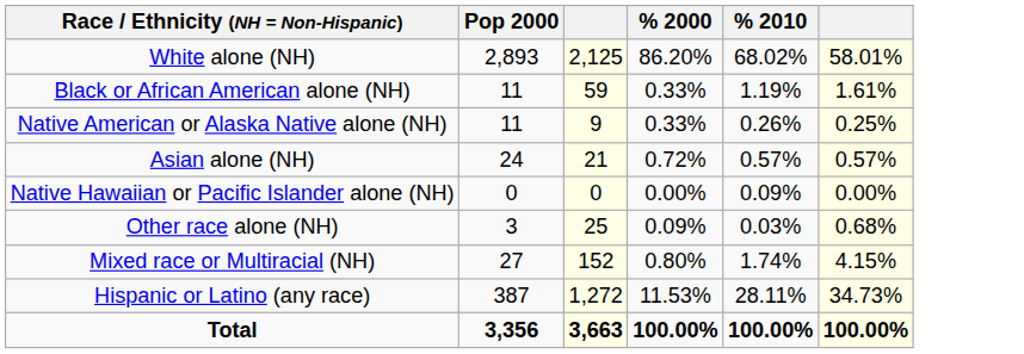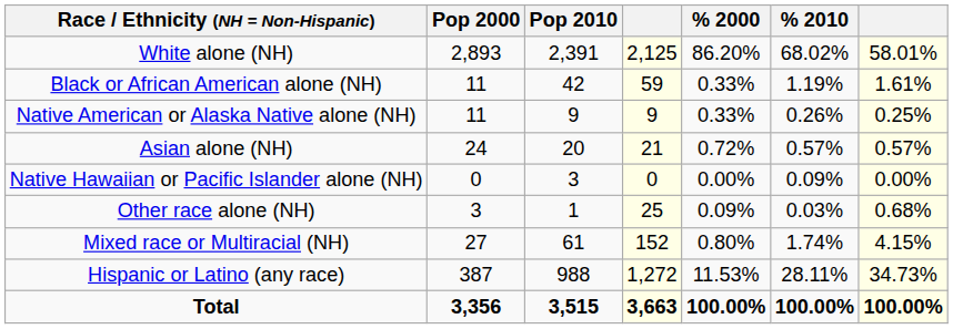 <table class="wikitable" style="text-align:center;">
 <tr>
 <th>Race / Ethnicity <small>(<em>NH = Non-Hispanic</em>)</small></th>
 <th>Pop 2000</th>
+<th>Pop 2010</th>
 <th></th>
 <th>% 2000</th>
 <th>% 2010</th>
 <th></th>
 </tr>
 <tr>
 <td><a href='#'>White</a> alone (NH)</td>
 <td>2,893</td>
+<td>2,391</td>
 <td style='background: #ffffe6;'>2,125</td>
 <td>86.20%</td>
 <td>68.02%</td>
 <td style='background: #ffffe6;'>58.01%</td>
 </tr>
 <tr>
 <td><a href='#'>Black or African American</a> alone (NH)</td>
 <td>11</td>
+<td>42</td>
 <td style='background: #ffffe6;'>59</td>
 <td>0.33%</td>
 <td>1.19%</td>
 <td style='background: #ffffe6;'>1.61%</td>
 </tr>
 <tr>
 <td><a href='#'>Native American</a> or <a href='#'>Alaska Native</a> alone (NH)</td>
 <td>11</td>
+<td>9</td>
 <td style='background: #ffffe6;'>9</td>
 <td>0.33%</td>
 <td>0.26%</td>
 <td style='background: #ffffe6;'>0.25%</td>
 </tr>
 <tr>
 <td><a href='#'>Asian</a> alone (NH)</td>
 <td>24</td>
+<td>20</td>
 <td style='background: #ffffe6;'>21</td>
 <td>0.72%</td>
 <td>0.57%</td>
 <td style='background: #ffffe6;'>0.57%</td>
 </tr>
 <tr>
 <td><a href='#'>Native Hawaiian</a> or <a href='#'>Pacific Islander</a> alone (NH)</td>
 <td>0</td>
+<td>3</td>
 <td style='background: #ffffe6;'>0</td>
 <td>0.00%</td>
 <td>0.09%</td>
 <td style='background: #ffffe6;'>0.00%</td>
 </tr>
 <tr>
 <td><a href='#'>Other race</a> alone (NH)</td>
 <td>3</td>
+<td>1</td>
 <td style='background: #ffffe6;'>25</td>
 <td>0.09%</td>
 <td>0.03%</td>
 <td style='background: #ffffe6;'>0.68%</td>
 </tr>
 <tr>
 <td><a href='#'>Mixed race or Multiracial</a> (NH)</td>
 <td>27</td>
+<td>61</td>
 <td style='background: #ffffe6;'>152</td>
 <td>0.80%</td>
 <td>1.74%</td>
 <td style='background: #ffffe6;'>4.15%</td>
 </tr>
 <tr>
 <td><a href='#'>Hispanic or Latino</a> (any race)</td>
 <td>387</td>
+<td>988</td>
 <td style='background: #ffffe6;'>1,272</td>
 <td>11.53%</td>
 <td>28.11%</td>
 <td style='background: #ffffe6;'>34.73%</td>
 </tr>
 <tr>
 <td><strong>Total</strong></td>
 <td><strong>3,356</strong></td>
+<td><strong>3,515</strong></td>
 <td style='background: #ffffe6;'><strong>3,663</strong></td>
 <td><strong>100.00%</strong></td>
 <td><strong>100.00%</strong></td>
 <td style='background: #ffffe6;'><strong>100.00%</strong></td>
 </tr>
 </table>
